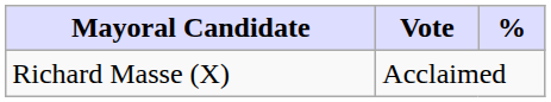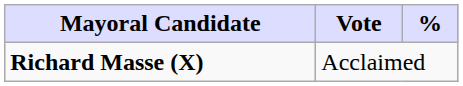 <table class="wikitable">
 <tr>
 <th style="background:#ddf; width:200px;">Mayoral Candidate </th>
 <th style="background:#ddf; width:50px;">Vote</th>
 <th style="background:#ddf; width:30px;">%</th>
 </tr>
 <tr>
-<td>Richard Masse (X)</td>
+<td><strong>Richard Masse (X)</strong></td>
 <td colspan="2">Acclaimed</td>
 </tr>
 </table>
